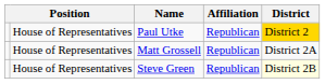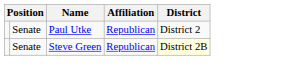 <table class="wikitable">
 <tr>
 <th colspan="2">Position</th>
 <th>Name</th>
 <th>Affiliation</th>
 <th>District</th>
 </tr>
 <tr>
 <td style="background-color:"></td>
-<td>House of Representatives</td>
+<td>Senate</td>
 <td><a href='#'>Paul Utke</a></td>
 <td><a href='#'>Republican</a></td>
-<td style="background: gold;">District 2</td>
+<td>District 2</td>
 </tr>
 <tr>
 <td style="background-color:"></td>
-<td>House of Representatives</td>
-<td><a href='#'>Matt Grossell</a></td>
-<td><a href='#'>Republican</a></td>
-<td>District 2A</td>
-</tr>
-<tr>
-<td style="background-color:"></td>
-<td>House of Representatives</td>
+<td>Senate</td>
 <td><a href='#'>Steve Green</a></td>
 <td><a href='#'>Republican</a></td>
 <td style="background: lightyellow;">District 2B</td>
 </tr>
 </table>
